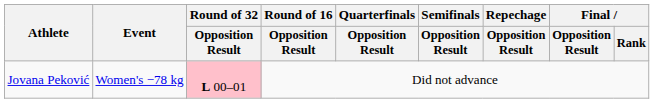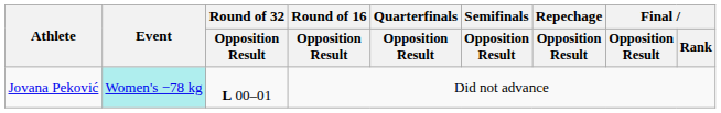 <table class="wikitable" style="font-size:90%">
 <tr>
 <th rowspan=2>Athlete</th>
 <th rowspan=2>Event</th>
 <th>Round of 32</th>
 <th>Round of 16</th>
 <th>Quarterfinals</th>
 <th>Semifinals</th>
 <th>Repechage</th>
 <th colspan=2>Final / </th>
 </tr>
 <tr style="font-size:95%">
 <th>Opposition<br>Result</th>
 <th>Opposition<br>Result</th>
 <th>Opposition<br>Result</th>
 <th>Opposition<br>Result</th>
 <th>Opposition<br>Result</th>
 <th>Opposition<br>Result</th>
 <th>Rank</th>
 </tr>
 <tr align=center>
 <td align=left><a href='#'>Jovana Peković</a></td>
-<td align=left><a href='#'>Women's −78 kg</a></td>
-<td style="background: pink;"><br><strong>L</strong> 00–01</td>
+<td align=left style="background: paleturquoise;"><a href='#'>Women's −78 kg</a></td>
+<td><br><strong>L</strong> 00–01</td>
 <td colspan="6">Did not advance</td>
 </tr>
 </table>
